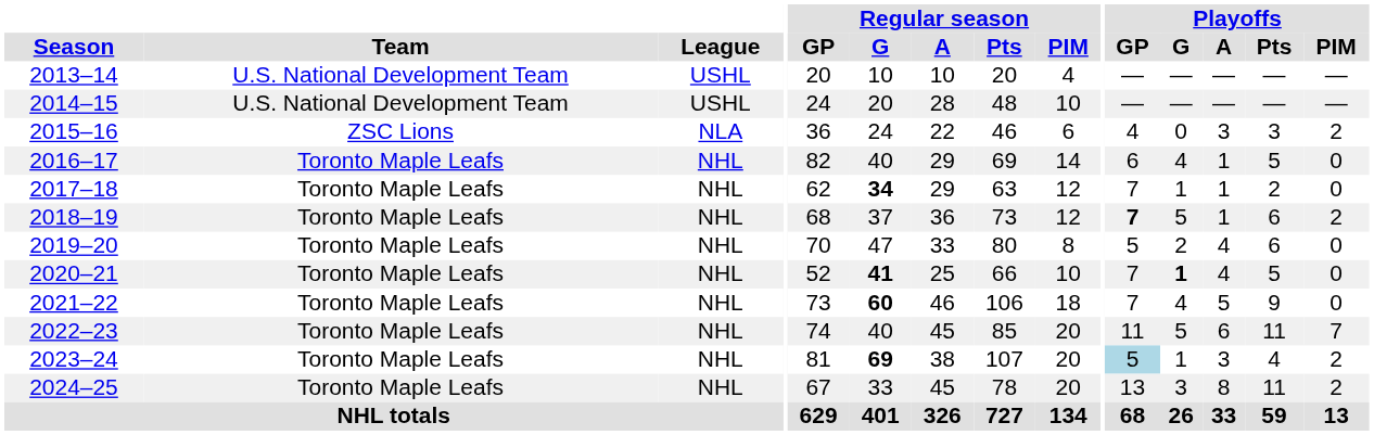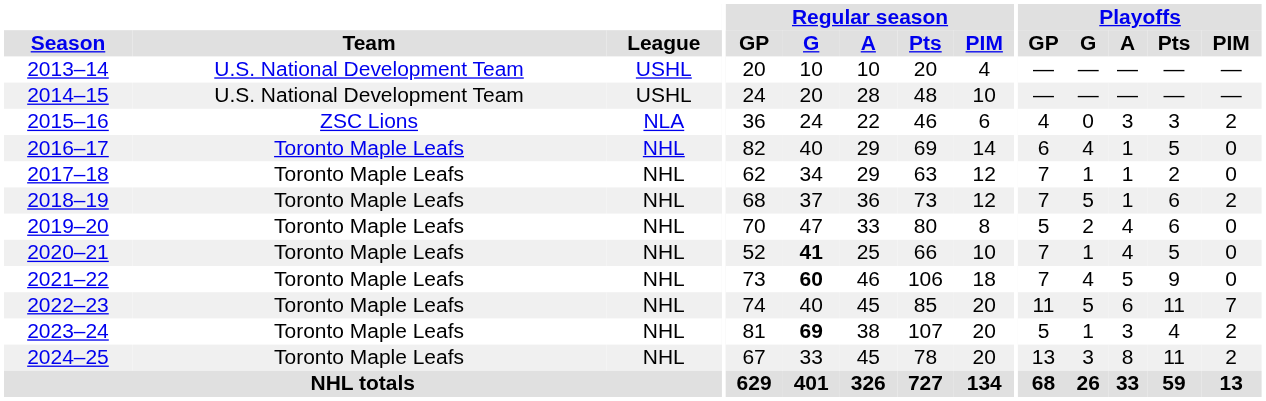 <table border="0" cellpadding="1" cellspacing="0" style="text-align:center; width:60em">
 <tr bgcolor="#e0e0e0">
 <th colspan="3" bgcolor="#ffffff"></th>
 <th rowspan="101" bgcolor="#ffffff"></th>
 <th colspan="5"><a href='#'>Regular season</a></th>
 <th rowspan="101" bgcolor="#ffffff"></th>
 <th colspan="5"><a href='#'>Playoffs</a></th>
 </tr>
 <tr bgcolor="#e0e0e0">
 <th><a href='#'>Season</a></th>
 <th>Team</th>
 <th>League</th>
 <th>GP</th>
 <th><a href='#'>G</a></th>
 <th><a href='#'>A</a></th>
 <th><a href='#'>Pts</a></th>
 <th><a href='#'>PIM</a></th>
 <th>GP</th>
 <th>G</th>
 <th>A</th>
 <th>Pts</th>
 <th>PIM</th>
 </tr>
 <tr>
 <td><a href='#'>2013–14</a></td>
 <td><a href='#'>U.S. National Development Team</a></td>
 <td><a href='#'>USHL</a></td>
 <td>20</td>
 <td>10</td>
 <td>10</td>
 <td>20</td>
 <td>4</td>
 <td>—</td>
 <td>—</td>
 <td>—</td>
 <td>—</td>
 <td>—</td>
 </tr>
 <tr bgcolor="#f0f0f0">
 <td><a href='#'>2014–15</a></td>
 <td>U.S. National Development Team</td>
 <td>USHL</td>
 <td>24</td>
 <td>20</td>
 <td>28</td>
 <td>48</td>
 <td>10</td>
 <td>—</td>
 <td>—</td>
 <td>—</td>
 <td>—</td>
 <td>—</td>
 </tr>
 <tr>
 <td><a href='#'>2015–16</a></td>
 <td><a href='#'>ZSC Lions</a></td>
 <td><a href='#'>NLA</a></td>
 <td>36</td>
 <td>24</td>
 <td>22</td>
 <td>46</td>
 <td>6</td>
 <td>4</td>
 <td>0</td>
 <td>3</td>
 <td>3</td>
 <td>2</td>
 </tr>
 <tr bgcolor="#f0f0f0">
 <td><a href='#'>2016–17</a></td>
 <td><a href='#'>Toronto Maple Leafs</a></td>
 <td><a href='#'>NHL</a></td>
 <td>82</td>
 <td>40</td>
 <td>29</td>
 <td>69</td>
 <td>14</td>
 <td>6</td>
 <td>4</td>
 <td>1</td>
 <td>5</td>
 <td>0</td>
 </tr>
 <tr>
 <td><a href='#'>2017–18</a></td>
 <td>Toronto Maple Leafs</td>
 <td>NHL</td>
 <td>62</td>
-<td><strong>34</strong></td>
+<td>34</td>
 <td>29</td>
 <td>63</td>
 <td>12</td>
 <td>7</td>
 <td>1</td>
 <td>1</td>
 <td>2</td>
 <td>0</td>
 </tr>
 <tr bgcolor="#f0f0f0">
 <td><a href='#'>2018–19</a></td>
 <td>Toronto Maple Leafs</td>
 <td>NHL</td>
 <td>68</td>
 <td>37</td>
 <td>36</td>
 <td>73</td>
 <td>12</td>
-<td><strong>7</strong></td>
+<td>7</td>
 <td>5</td>
 <td>1</td>
 <td>6</td>
 <td>2</td>
 </tr>
 <tr>
 <td><a href='#'>2019–20</a></td>
 <td>Toronto Maple Leafs</td>
 <td>NHL</td>
 <td>70</td>
 <td>47</td>
 <td>33</td>
 <td>80</td>
 <td>8</td>
 <td>5</td>
 <td>2</td>
 <td>4</td>
 <td>6</td>
 <td>0</td>
 </tr>
 <tr bgcolor="#f0f0f0">
 <td><a href='#'>2020–21</a></td>
 <td>Toronto Maple Leafs</td>
 <td>NHL</td>
 <td>52</td>
 <td><strong>41</strong></td>
 <td>25</td>
 <td>66</td>
 <td>10</td>
 <td>7</td>
-<td><strong>1</strong></td>
+<td>1</td>
 <td>4</td>
 <td>5</td>
 <td>0</td>
 </tr>
 <tr>
 <td><a href='#'>2021–22</a></td>
 <td>Toronto Maple Leafs</td>
 <td>NHL</td>
 <td>73</td>
 <td><strong>60</strong></td>
 <td>46</td>
 <td>106</td>
 <td>18</td>
 <td>7</td>
 <td>4</td>
 <td>5</td>
 <td>9</td>
 <td>0</td>
 </tr>
 <tr bgcolor="#f0f0f0">
 <td><a href='#'>2022–23</a></td>
 <td>Toronto Maple Leafs</td>
 <td>NHL</td>
 <td>74</td>
 <td>40</td>
 <td>45</td>
 <td>85</td>
 <td>20</td>
 <td>11</td>
 <td>5</td>
 <td>6</td>
 <td>11</td>
 <td>7</td>
 </tr>
 <tr>
 <td><a href='#'>2023–24</a></td>
 <td>Toronto Maple Leafs</td>
 <td>NHL</td>
 <td>81</td>
 <td><strong>69</strong></td>
 <td>38</td>
 <td>107</td>
 <td>20</td>
-<td style="background: lightblue;">5</td>
+<td>5</td>
 <td>1</td>
 <td>3</td>
 <td>4</td>
 <td>2</td>
 </tr>
 <tr bgcolor="#f0f0f0">
 <td><a href='#'>2024–25</a></td>
 <td>Toronto Maple Leafs</td>
 <td>NHL</td>
 <td>67</td>
 <td>33</td>
 <td>45</td>
 <td>78</td>
 <td>20</td>
 <td>13</td>
 <td>3</td>
 <td>8</td>
 <td>11</td>
 <td>2</td>
 </tr>
 <tr bgcolor="#e0e0e0">
 <th colspan="3">NHL totals</th>
 <th>629</th>
 <th>401</th>
 <th>326</th>
 <th>727</th>
 <th>134</th>
 <th>68</th>
 <th>26</th>
 <th>33</th>
 <th>59</th>
 <th>13<br></th>
 </tr>
 </table>
